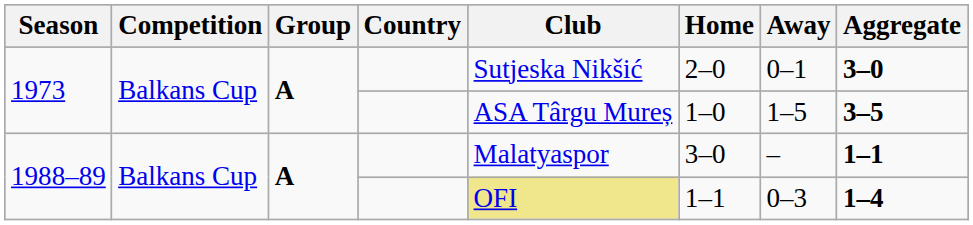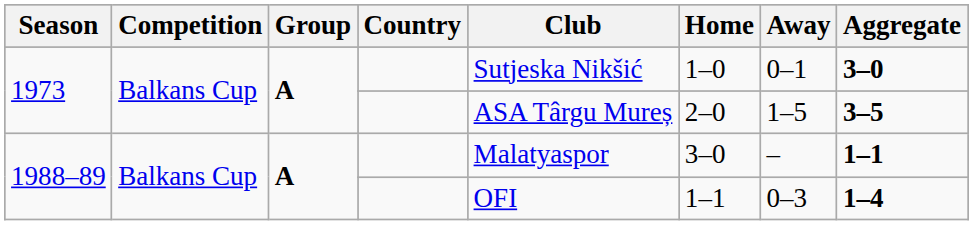 <table class="wikitable">
 <tr>
 <th>Season</th>
 <th>Competition</th>
 <th>Group</th>
 <th>Country</th>
 <th>Club</th>
 <th>Home</th>
 <th>Away</th>
 <th>Aggregate</th>
 </tr>
 <tr>
 <td rowspan=2><a href='#'>1973</a></td>
 <td rowspan=2><a href='#'>Balkans Cup</a></td>
 <td rowspan=2><strong>A</strong></td>
 <td></td>
 <td><a href='#'>Sutjeska Nikšić</a></td>
-<td>2–0</td>
+<td>1–0</td>
 <td>0–1</td>
 <td><strong>3–0</strong></td>
 </tr>
 <tr>
 <td></td>
 <td><a href='#'>ASA Târgu Mureș</a></td>
-<td>1–0</td>
+<td>2–0</td>
 <td>1–5</td>
 <td><strong>3–5</strong></td>
 </tr>
 <tr>
 <td rowspan=2><a href='#'>1988–89</a></td>
 <td rowspan=2><a href='#'>Balkans Cup</a></td>
 <td rowspan=2><strong>A</strong></td>
 <td></td>
 <td><a href='#'>Malatyaspor</a></td>
 <td>3–0</td>
 <td colspan="1">–</td>
 <td><strong>1–1</strong></td>
 </tr>
 <tr>
 <td></td>
-<td style="background: khaki;"><a href='#'>OFI</a></td>
+<td><a href='#'>OFI</a></td>
 <td>1–1</td>
 <td>0–3</td>
 <td><strong>1–4</strong></td>
 </tr>
 </table>
